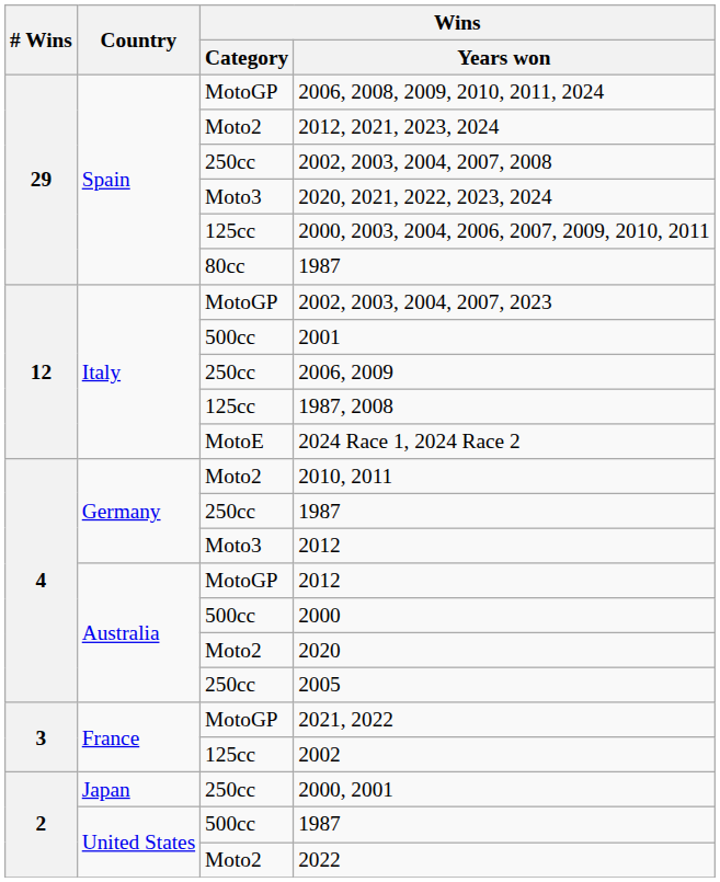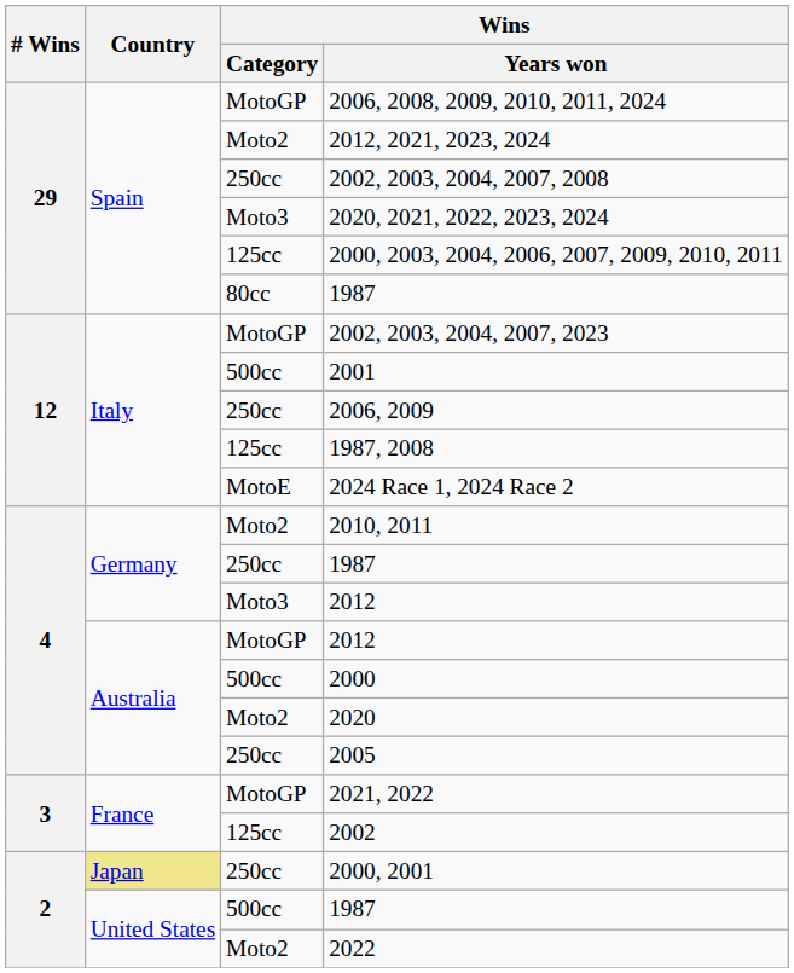 <table class="wikitable" style="font-size: 95%;">
 <tr>
 <th rowspan=2># Wins</th>
 <th rowspan=2>Country</th>
 <th colspan=2>Wins</th>
 </tr>
 <tr>
 <th>Category</th>
 <th>Years won</th>
 </tr>
 <tr>
 <th rowspan=6>29</th>
 <td rowspan=6> <a href='#'>Spain</a></td>
 <td>MotoGP</td>
 <td>2006, 2008, 2009, 2010, 2011, 2024</td>
 </tr>
 <tr>
 <td>Moto2</td>
 <td>2012, 2021, 2023, 2024</td>
 </tr>
 <tr>
 <td>250cc</td>
 <td>2002, 2003, 2004, 2007, 2008</td>
 </tr>
 <tr>
 <td>Moto3</td>
 <td>2020, 2021, 2022, 2023, 2024</td>
 </tr>
 <tr>
 <td>125cc</td>
 <td>2000, 2003, 2004, 2006, 2007, 2009, 2010, 2011</td>
 </tr>
 <tr>
 <td>80cc</td>
 <td>1987</td>
 </tr>
 <tr>
 <th rowspan=5>12</th>
 <td rowspan=5> <a href='#'>Italy</a></td>
 <td>MotoGP</td>
 <td>2002, 2003, 2004, 2007, 2023</td>
 </tr>
 <tr>
 <td>500cc</td>
 <td>2001</td>
 </tr>
 <tr>
 <td>250cc</td>
 <td>2006, 2009</td>
 </tr>
 <tr>
 <td>125cc</td>
 <td>1987, 2008</td>
 </tr>
 <tr>
 <td>MotoE</td>
 <td>2024 Race 1, 2024 Race 2</td>
 </tr>
 <tr>
 <th rowspan=7>4</th>
 <td rowspan=3> <a href='#'>Germany</a></td>
 <td>Moto2</td>
 <td>2010, 2011</td>
 </tr>
 <tr>
 <td>250cc</td>
 <td>1987</td>
 </tr>
 <tr>
 <td>Moto3</td>
 <td>2012</td>
 </tr>
 <tr>
 <td rowspan=4> <a href='#'>Australia</a></td>
 <td>MotoGP</td>
 <td>2012</td>
 </tr>
 <tr>
 <td>500cc</td>
 <td>2000</td>
 </tr>
 <tr>
 <td>Moto2</td>
 <td>2020</td>
 </tr>
 <tr>
 <td>250cc</td>
 <td>2005</td>
 </tr>
 <tr>
 <th rowspan=2>3</th>
 <td rowspan=2> <a href='#'>France</a></td>
 <td>MotoGP</td>
 <td>2021, 2022</td>
 </tr>
 <tr>
 <td>125cc</td>
 <td>2002</td>
 </tr>
 <tr>
 <th rowspan=3>2</th>
-<td> <a href='#'>Japan</a></td>
+<td style="background: khaki;"> <a href='#'>Japan</a></td>
 <td>250cc</td>
 <td>2000, 2001</td>
 </tr>
 <tr>
 <td rowspan=2> <a href='#'>United States</a></td>
 <td>500cc</td>
 <td>1987</td>
 </tr>
 <tr>
 <td>Moto2</td>
 <td>2022</td>
 </tr>
 </table>
